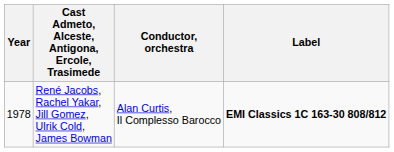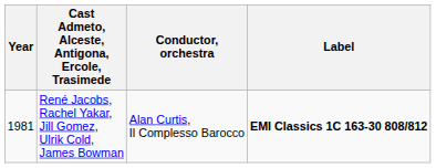 <table class="wikitable">
 <tr>
 <th>Year</th>
 <th>Cast<br>Admeto,<br>Alceste,<br>Antigona,<br>Ercole,<br>Trasimede</th>
 <th>Conductor,<br>orchestra</th>
 <th>Label</th>
 </tr>
 <tr>
-<td>1978</td>
+<td>1981</td>
 <td><a href='#'>René Jacobs</a>,<br><a href='#'>Rachel Yakar</a>,<br><a href='#'>Jill Gomez</a>,<br><a href='#'>Ulrik Cold</a>,<br><a href='#'>James Bowman</a></td>
 <td><a href='#'>Alan Curtis</a>,<br>Il Complesso Barocco</td>
 <td><strong>EMI Classics 1C 163-30 808/812</strong></td>
 </tr>
 </table>
